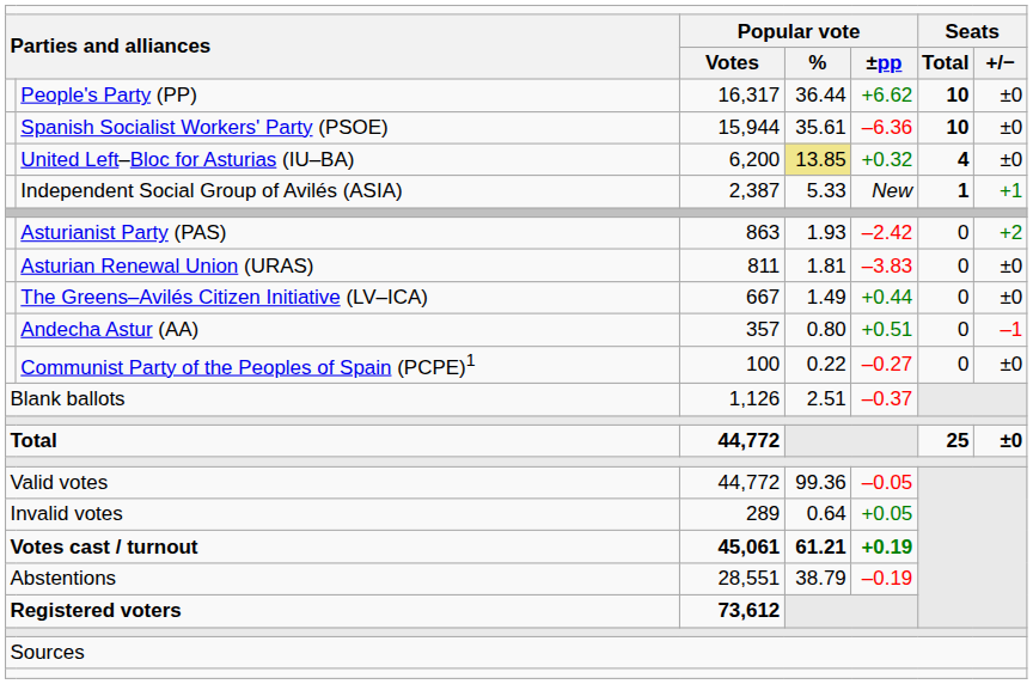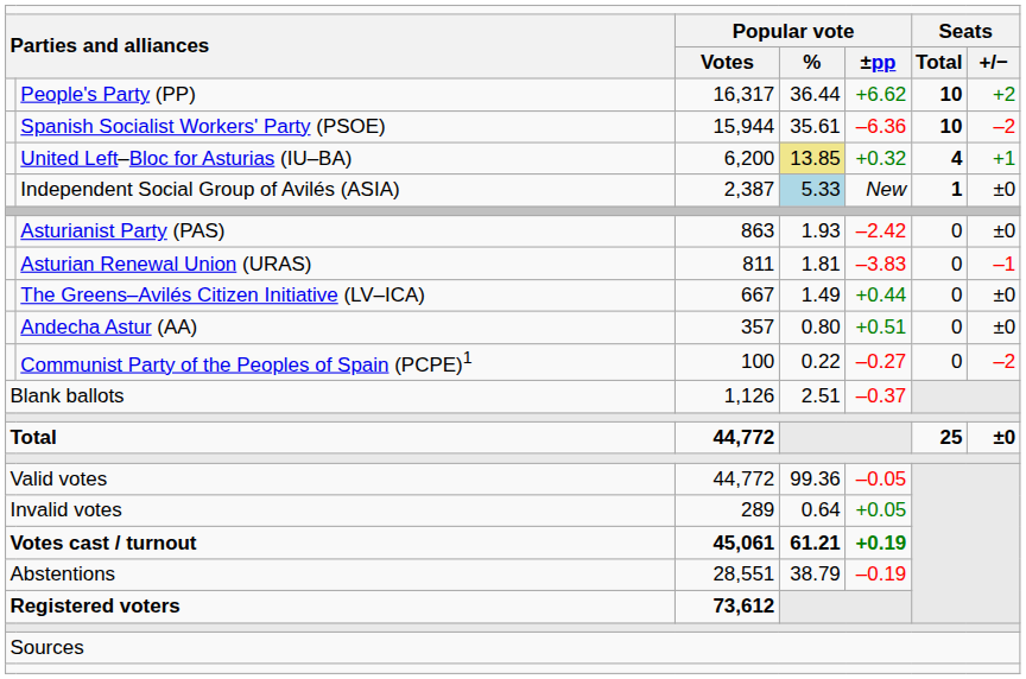 <table class="wikitable" style="text-align:right;">
 <tr>
 <td colspan="7"></td>
 </tr>
 <tr>
 <th style="text-align:left;" rowspan="2" colspan="2" width="525">Parties and alliances</th>
 <th colspan="3">Popular vote</th>
 <th colspan="2">Seats</th>
 </tr>
 <tr>
 <th width="75">Votes</th>
 <th width="45">%</th>
 <th width="45">±<a href='#'>pp</a></th>
 <th width="35">Total</th>
 <th width="35">+/−</th>
 </tr>
 <tr>
 <td width="1" style="color:inherit;background:"></td>
 <td align="left"><a href='#'>People's Party</a> (PP)</td>
 <td>16,317</td>
 <td>36.44</td>
 <td style="color:green;">+6.62</td>
 <td><strong>10</strong></td>
-<td>±0</td>
+<td style="color:green;">+2</td>
 </tr>
 <tr>
 <td style="color:inherit;background:"></td>
 <td align="left"><a href='#'>Spanish Socialist Workers' Party</a> (PSOE)</td>
 <td>15,944</td>
 <td>35.61</td>
 <td style="color:red;">–6.36</td>
 <td><strong>10</strong></td>
-<td>±0</td>
+<td style="color:red;">–2</td>
 </tr>
 <tr>
 <td style="color:inherit;background:"></td>
 <td align="left"><a href='#'>United Left</a>–<a href='#'>Bloc for Asturias</a> (IU–BA)</td>
 <td>6,200</td>
 <td style="background: khaki;">13.85</td>
 <td style="color:green;">+0.32</td>
 <td><strong>4</strong></td>
-<td>±0</td>
+<td style="color:green;">+1</td>
 </tr>
 <tr>
 <td style="color:inherit;background:"></td>
 <td align="left">Independent Social Group of Avilés (ASIA)</td>
 <td>2,387</td>
-<td>5.33</td>
+<td style="background: lightblue;">5.33</td>
 <td><em>New</em></td>
 <td><strong>1</strong></td>
-<td style="color:green;">+1</td>
+<td>±0</td>
 </tr>
 <tr>
 <td colspan="7" bgcolor="#C0C0C0"></td>
 </tr>
 <tr>
 <td style="color:inherit;background:"></td>
 <td align="left"><a href='#'>Asturianist Party</a> (PAS)</td>
 <td>863</td>
 <td>1.93</td>
 <td style="color:red;">–2.42</td>
 <td>0</td>
-<td style="color:green;">+2</td>
+<td>±0</td>
 </tr>
 <tr>
 <td style="color:inherit;background:"></td>
 <td align="left"><a href='#'>Asturian Renewal Union</a> (URAS)</td>
 <td>811</td>
 <td>1.81</td>
 <td style="color:red;">–3.83</td>
 <td>0</td>
-<td>±0</td>
+<td style="color:red;">–1</td>
 </tr>
 <tr>
 <td style="color:inherit;background:"></td>
 <td align="left"><a href='#'>The Greens–Avilés Citizen Initiative</a> (LV–ICA)</td>
 <td>667</td>
 <td>1.49</td>
 <td style="color:green;">+0.44</td>
 <td>0</td>
 <td>±0</td>
 </tr>
 <tr>
 <td style="color:inherit;background:"></td>
 <td align="left"><a href='#'>Andecha Astur</a> (AA)</td>
 <td>357</td>
 <td>0.80</td>
 <td style="color:green;">+0.51</td>
 <td>0</td>
-<td style="color:red;">–1</td>
+<td>±0</td>
 </tr>
 <tr>
 <td style="color:inherit;background:"></td>
 <td align="left"><a href='#'>Communist Party of the Peoples of Spain</a> (PCPE)<sup>1</sup></td>
 <td>100</td>
 <td>0.22</td>
 <td style="color:red;">–0.27</td>
 <td>0</td>
-<td>±0</td>
+<td style="color:red;">–2</td>
 </tr>
 <tr>
 <td align="left" colspan="2">Blank ballots</td>
 <td>1,126</td>
 <td>2.51</td>
 <td style="color:red;">–0.37</td>
 <td bgcolor="#E9E9E9" colspan="2"></td>
 </tr>
 <tr>
 <td colspan="7" bgcolor="#E9E9E9"></td>
 </tr>
 <tr style="font-weight:bold;">
 <td align="left" colspan="2">Total</td>
 <td>44,772</td>
 <td bgcolor="#E9E9E9" colspan="2"></td>
 <td>25</td>
 <td>±0</td>
 </tr>
 <tr>
 <td colspan="7" bgcolor="#E9E9E9"></td>
 </tr>
 <tr>
 <td align="left" colspan="2">Valid votes</td>
 <td>44,772</td>
 <td>99.36</td>
 <td style="color:red;">–0.05</td>
 <td bgcolor="#E9E9E9" colspan="2" rowspan="5"></td>
 </tr>
 <tr>
 <td align="left" colspan="2">Invalid votes</td>
 <td>289</td>
 <td>0.64</td>
 <td style="color:green;">+0.05</td>
 </tr>
 <tr style="font-weight:bold;">
 <td align="left" colspan="2">Votes cast / turnout</td>
 <td>45,061</td>
 <td>61.21</td>
 <td style="color:green;">+0.19</td>
 </tr>
 <tr>
 <td align="left" colspan="2">Abstentions</td>
 <td>28,551</td>
 <td>38.79</td>
 <td style="color:red;">–0.19</td>
 </tr>
 <tr style="font-weight:bold;">
 <td align="left" colspan="2">Registered voters</td>
 <td>73,612</td>
 <td bgcolor="#E9E9E9" colspan="2"></td>
 </tr>
 <tr>
 <td colspan="7" bgcolor="#E9E9E9"></td>
 </tr>
 <tr>
 <td align="left" colspan="7">Sources</td>
 </tr>
 <tr>
 <td colspan="7" style="text-align:left; max-width:790px;"></td>
 </tr>
 </table>
